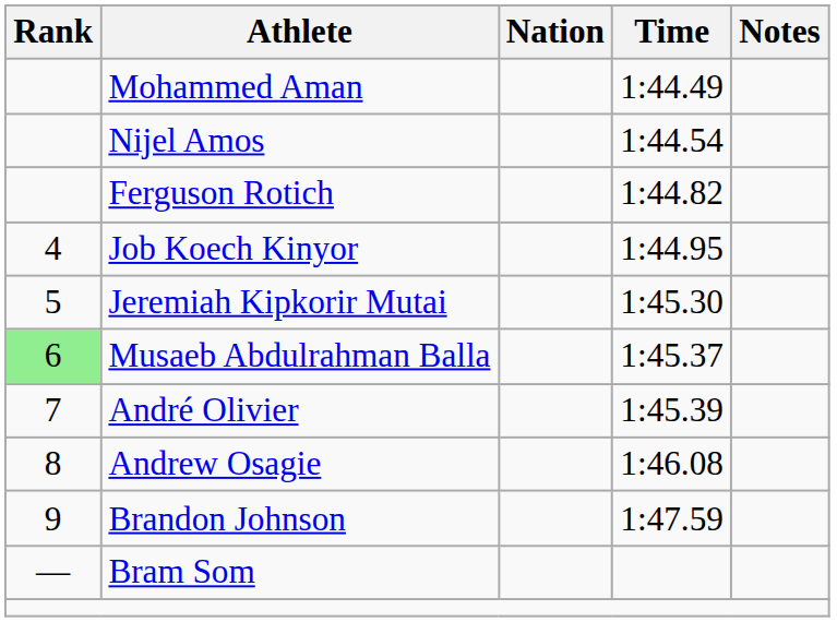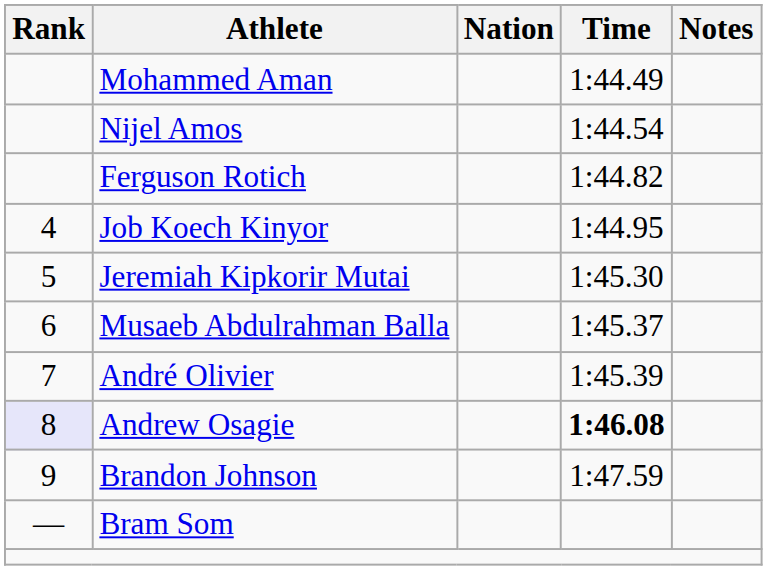 <table class="wikitable mw-datatable sortable" style="text-align:center;">
 <tr>
 <th>Rank</th>
 <th>Athlete</th>
 <th>Nation</th>
 <th>Time</th>
 <th>Notes</th>
 </tr>
 <tr>
 <td></td>
 <td align=left><a href='#'>Mohammed Aman</a></td>
 <td align=left></td>
 <td>1:44.49</td>
 <td></td>
 </tr>
 <tr>
 <td></td>
 <td align=left><a href='#'>Nijel Amos</a></td>
 <td align=left></td>
 <td>1:44.54</td>
 <td></td>
 </tr>
 <tr>
 <td></td>
 <td align=left><a href='#'>Ferguson Rotich</a></td>
 <td align=left></td>
 <td>1:44.82</td>
 <td></td>
 </tr>
 <tr>
 <td>4</td>
 <td align=left><a href='#'>Job Koech Kinyor</a></td>
 <td align=left></td>
 <td>1:44.95</td>
 <td></td>
 </tr>
 <tr>
 <td>5</td>
 <td align=left><a href='#'>Jeremiah Kipkorir Mutai</a></td>
 <td align=left></td>
 <td>1:45.30</td>
 <td></td>
 </tr>
 <tr>
-<td style="background: lightgreen;">6</td>
+<td>6</td>
 <td align=left><a href='#'>Musaeb Abdulrahman Balla</a></td>
 <td align=left></td>
 <td>1:45.37</td>
 <td></td>
 </tr>
 <tr>
 <td>7</td>
 <td align=left><a href='#'>André Olivier</a></td>
 <td align=left></td>
 <td>1:45.39</td>
 <td></td>
 </tr>
 <tr>
-<td>8</td>
+<td style="background: lavender;">8</td>
 <td align=left><a href='#'>Andrew Osagie</a></td>
 <td align=left></td>
-<td>1:46.08</td>
+<td><strong>1:46.08</strong></td>
 <td></td>
 </tr>
 <tr>
 <td>9</td>
 <td align=left><a href='#'>Brandon Johnson</a></td>
 <td align=left></td>
 <td>1:47.59</td>
 <td></td>
 </tr>
 <tr>
 <td>—</td>
 <td align=left><a href='#'>Bram Som</a></td>
 <td align=left></td>
 <td></td>
 <td></td>
 </tr>
 <tr class="sortbottom">
 <td colspan=5></td>
 </tr>
 </table>
